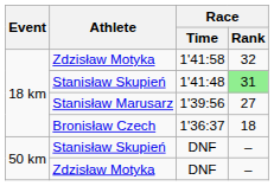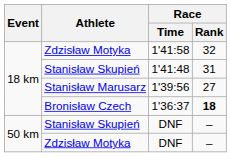 <table class="wikitable" border="1" style="font-size:90%">
 <tr>
 <th rowspan=2>Event</th>
 <th rowspan=2>Athlete</th>
 <th colspan=2>Race</th>
 </tr>
 <tr>
 <th>Time</th>
 <th>Rank</th>
 </tr>
 <tr>
 <td rowspan=4>18 km</td>
 <td><a href='#'>Zdzisław Motyka</a></td>
 <td align=center>1'41:58</td>
 <td align=center>32</td>
 </tr>
 <tr>
 <td><a href='#'>Stanisław Skupień</a></td>
 <td align=center>1'41:48</td>
-<td align=center style="background: lightgreen;">31</td>
+<td align=center>31</td>
 </tr>
 <tr>
 <td><a href='#'>Stanisław Marusarz</a></td>
 <td align=center>1'39:56</td>
 <td align=center>27</td>
 </tr>
 <tr>
 <td><a href='#'>Bronisław Czech</a></td>
 <td align=center>1'36:37</td>
-<td align=center>18</td>
+<td align=center><strong>18</strong></td>
 </tr>
 <tr>
 <td rowspan=2>50 km</td>
 <td><a href='#'>Stanisław Skupień</a></td>
 <td align=center>DNF</td>
 <td align=center>–</td>
 </tr>
 <tr>
 <td><a href='#'>Zdzisław Motyka</a></td>
 <td align=center>DNF</td>
 <td align=center>–</td>
 </tr>
 </table>
